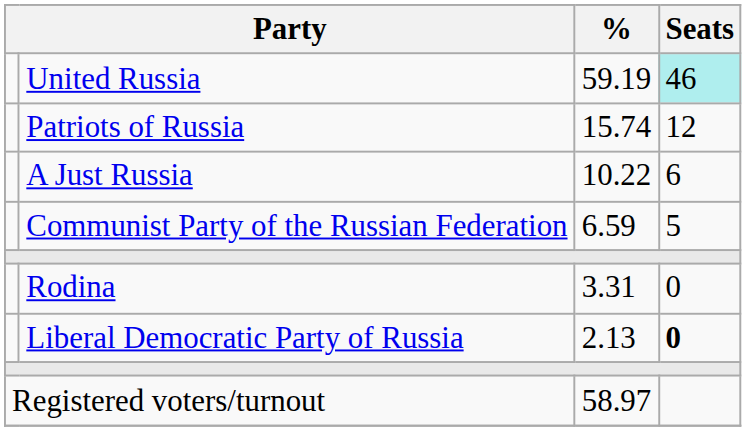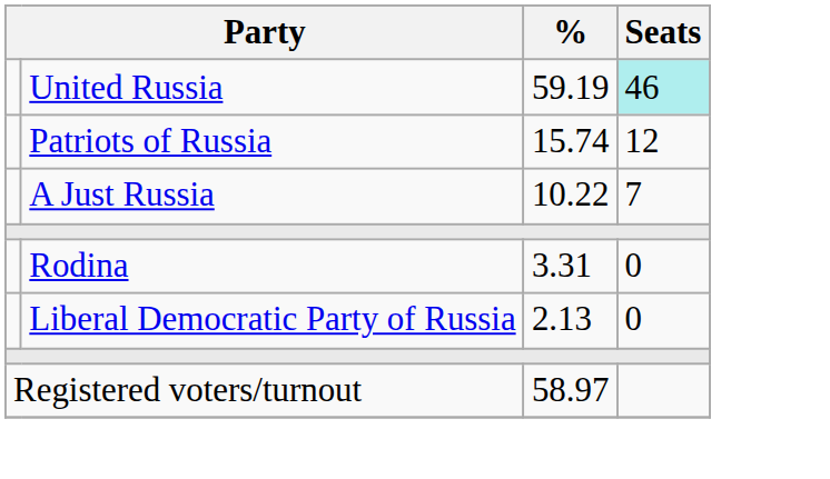 <table class="wikitable">
 <tr>
 <th colspan=2>Party</th>
 <th>%</th>
 <th>Seats</th>
 </tr>
 <tr>
 <td style="background:"></td>
 <td><a href='#'>United Russia</a></td>
 <td>59.19</td>
 <td style="background: paleturquoise;">46</td>
 </tr>
 <tr>
 <td style="background:"></td>
 <td><a href='#'>Patriots of Russia</a></td>
 <td>15.74</td>
 <td>12</td>
 </tr>
 <tr>
 <td style="background:"></td>
 <td><a href='#'>A Just Russia</a></td>
 <td>10.22</td>
-<td>6</td>
-</tr>
-<tr>
-<td style="background:"></td>
-<td><a href='#'>Communist Party of the Russian Federation</a></td>
-<td>6.59</td>
-<td>5</td>
+<td>7</td>
 </tr>
 <tr>
 <td colspan=4 style="background:#E9E9E9;"></td>
 </tr>
 <tr>
 <td style="background:"></td>
 <td><a href='#'>Rodina</a></td>
 <td>3.31</td>
 <td>0</td>
 </tr>
 <tr>
 <td style="background:"></td>
 <td><a href='#'>Liberal Democratic Party of Russia</a></td>
 <td>2.13</td>
-<td><strong>0</strong></td>
+<td>0</td>
 </tr>
 <tr>
 <td colspan=4 style="background:#E9E9E9;"></td>
 </tr>
 <tr>
 <td align=left colspan=2>Registered voters/turnout</td>
 <td>58.97</td>
 <td></td>
 </tr>
 <tr>
 </tr>
 </table>
